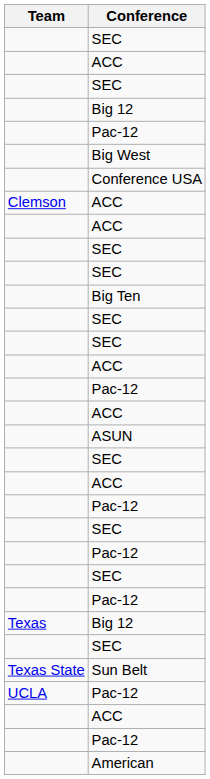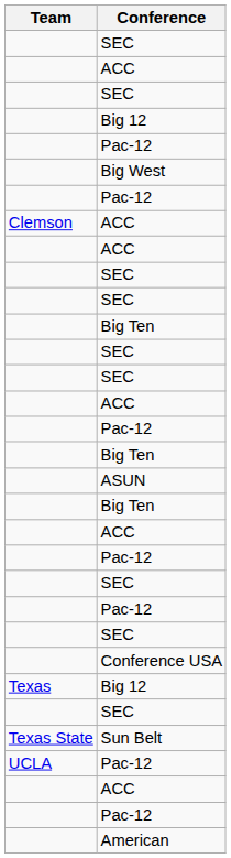 <table class="wikitable sortable">
 <tr>
 <th>Team</th>
 <th>Conference</th>
 </tr>
 <tr>
 <td></td>
 <td>SEC</td>
 </tr>
 <tr>
 <td></td>
 <td>ACC</td>
 </tr>
 <tr>
 <td></td>
 <td>SEC</td>
 </tr>
 <tr>
 <td></td>
 <td>Big 12</td>
 </tr>
 <tr>
 <td></td>
 <td>Pac-12</td>
 </tr>
 <tr>
 <td></td>
 <td>Big West</td>
 </tr>
 <tr>
 <td></td>
-<td>Conference USA</td>
+<td>Pac-12</td>
 </tr>
 <tr>
 <td><a href='#'>Clemson</a></td>
 <td>ACC</td>
 </tr>
 <tr>
 <td></td>
 <td>ACC</td>
 </tr>
 <tr>
 <td></td>
 <td>SEC</td>
 </tr>
 <tr>
 <td></td>
 <td>SEC</td>
 </tr>
 <tr>
 <td></td>
 <td>Big Ten</td>
 </tr>
 <tr>
 <td></td>
 <td>SEC</td>
 </tr>
 <tr>
 <td></td>
 <td>SEC</td>
 </tr>
 <tr>
 <td></td>
 <td>ACC</td>
 </tr>
 <tr>
 <td></td>
 <td>Pac-12</td>
 </tr>
 <tr>
 <td></td>
-<td>ACC</td>
+<td>Big Ten</td>
 </tr>
 <tr>
 <td></td>
 <td>ASUN</td>
 </tr>
 <tr>
 <td></td>
-<td>SEC</td>
+<td>Big Ten</td>
 </tr>
 <tr>
 <td></td>
 <td>ACC</td>
 </tr>
 <tr>
 <td></td>
 <td>Pac-12</td>
 </tr>
 <tr>
 <td></td>
 <td>SEC</td>
 </tr>
 <tr>
 <td></td>
 <td>Pac-12</td>
 </tr>
 <tr>
 <td></td>
 <td>SEC</td>
 </tr>
 <tr>
 <td></td>
-<td>Pac-12</td>
+<td>Conference USA</td>
 </tr>
 <tr>
 <td><a href='#'>Texas</a></td>
 <td>Big 12</td>
 </tr>
 <tr>
 <td></td>
 <td>SEC</td>
 </tr>
 <tr>
 <td><a href='#'>Texas State</a></td>
 <td>Sun Belt</td>
 </tr>
 <tr>
 <td><a href='#'>UCLA</a></td>
 <td>Pac-12</td>
 </tr>
 <tr>
 <td></td>
 <td>ACC</td>
 </tr>
 <tr>
 <td></td>
 <td>Pac-12</td>
 </tr>
 <tr>
 <td></td>
 <td>American</td>
 </tr>
 </table>
